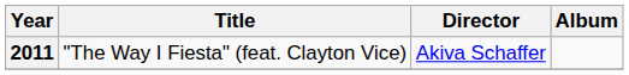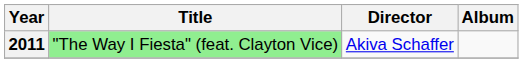 <table class="wikitable plainrowheaders sortable">
 <tr>
 <th>Year</th>
 <th>Title</th>
 <th>Director</th>
 <th>Album</th>
 </tr>
 <tr>
 <th scope="row">2011</th>
-<td>"The Way I Fiesta" (feat. Clayton Vice)</td>
+<td style="background: lightgreen;">"The Way I Fiesta" (feat. Clayton Vice)</td>
 <td><a href='#'>Akiva Schaffer</a></td>
 <td></td>
 </tr>
 <tr>
 </tr>
 </table>
